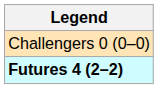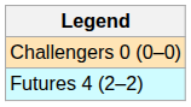 <table class=wikitable style=font-size:97%>
 <tr>
 <th>Legend</th>
 </tr>
 <tr style="background:moccasin;">
 <td>Challengers 0 (0–0)</td>
 </tr>
 <tr style="background:#cffcff;">
-<td><strong>Futures 4 (2–2)</strong></td>
+<td>Futures 4 (2–2)</td>
 </tr>
 </table>
